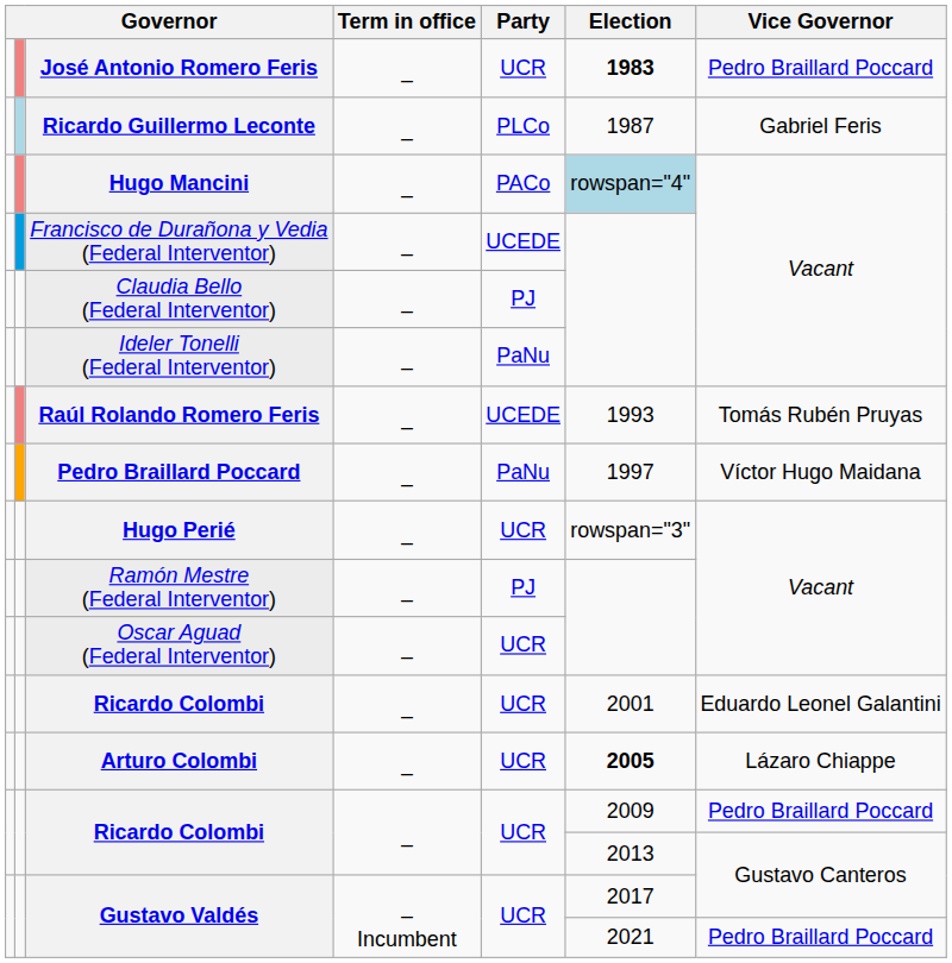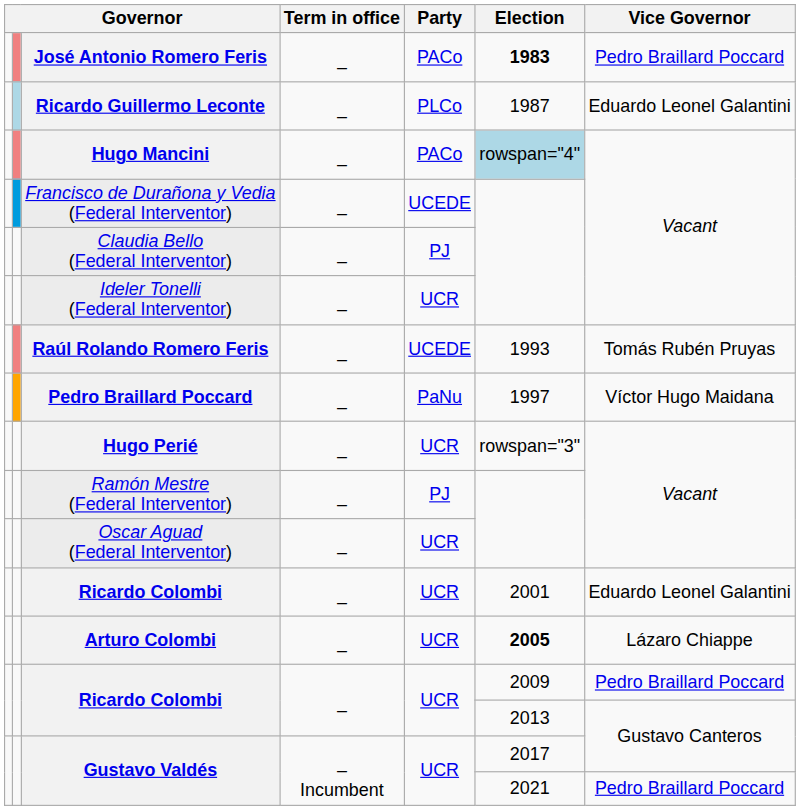 <table class="wikitable sortable" style="text-align: center;">
 <tr>
 <th scope="col" colspan="3">Governor</th>
 <th scope="col">Term in office</th>
 <th scope="col">Party</th>
 <th scope="col">Election</th>
 <th scope="col">Vice Governor</th>
 </tr>
 <tr style="height:2em;">
 <td data-sort-value="Romero Feris, José Antonio"></td>
 <td style="background:lightcoral;"></td>
 <th scope="row"><a href='#'>José Antonio Romero Feris</a></th>
 <td><br>–<br></td>
-<td><a href='#'>UCR</a></td>
+<td><a href='#'>PACo</a></td>
 <td><strong>1983</strong></td>
 <td data-sort-value="Braillard Poccard, Pedro"><a href='#'>Pedro Braillard Poccard</a></td>
 </tr>
 <tr style="height:2em;">
 <td data-sort-value="Romero Feris, José Antonio"></td>
 <td style="background:lightblue;"></td>
 <th scope="row"><a href='#'>Ricardo Guillermo Leconte</a></th>
 <td><br>–<br></td>
 <td><a href='#'>PLCo</a></td>
 <td>1987</td>
-<td data-sort-value="Feris, Gabriel">Gabriel Feris</td>
+<td data-sort-value="Galantini, Eduardo Leonel">Eduardo Leonel Galantini</td>
 </tr>
 <tr style="height:2em;">
 <td data-sort-value="Mancini, Hugo"></td>
 <td style="background:lightcoral;"></td>
 <th scope="row"><a href='#'>Hugo Mancini</a></th>
 <td><br>–<br></td>
 <td><a href='#'>PACo</a></td>
 <td style="background: lightblue;">rowspan="4" </td>
 <td rowspan="4"><em>Vacant</em></td>
 </tr>
 <tr style="height:2em;">
 <td data-sort-value="Durañona y Vedia, Francisco de"></td>
 <td style="background:#009CDE;"></td>
 <td style="background:#ececec;" scope="row"><em><a href='#'>Francisco de Durañona y Vedia</a></em><br>(<a href='#'>Federal Interventor</a>)</td>
 <td><br>–<br></td>
 <td><a href='#'>UCEDE</a></td>
 </tr>
 <tr style="height:2em;">
 <td data-sort-value="Bello, Claudia"></td>
 <td style="background:"></td>
 <td style="background:#ececec;" scope="row"><em><a href='#'>Claudia Bello</a></em><br>(<a href='#'>Federal Interventor</a>)</td>
 <td><br>–<br></td>
 <td><a href='#'>PJ</a></td>
 </tr>
 <tr style="height:2em;">
 <td data-sort-value="Tonelli, Ideler"></td>
 <td style="background:"></td>
 <td style="background:#ececec;" scope="row"><em><a href='#'>Ideler Tonelli</a></em><br>(<a href='#'>Federal Interventor</a>)</td>
 <td><br>–<br></td>
-<td><a href='#'>PaNu</a></td>
+<td><a href='#'>UCR</a></td>
 </tr>
 <tr style="height:2em;">
 <td data-sort-value="Romero Feris, Raúl Rolando"></td>
 <td style="background:lightcoral;"></td>
 <th scope="row"><a href='#'>Raúl Rolando Romero Feris</a></th>
 <td><br>–<br></td>
 <td><a href='#'>UCEDE</a></td>
 <td>1993</td>
 <td data-sort-value="Pruyas, Tomás Rubén">Tomás Rubén Pruyas</td>
 </tr>
 <tr style="height:2em;">
 <td data-sort-value="Braillard Poccard, Pedro"></td>
 <td style="background:orange;"></td>
 <th scope="row"><a href='#'>Pedro Braillard Poccard</a></th>
 <td><br>–<br></td>
 <td><a href='#'>PaNu</a></td>
 <td>1997</td>
 <td data-sort-value="Maidana, Víctor Hugo">Víctor Hugo Maidana</td>
 </tr>
 <tr style="height:2em;">
 <td data-sort-value="Perié, Hugo"></td>
 <td style="background:"></td>
 <th scope="row"><a href='#'>Hugo Perié</a></th>
 <td><br>–<br></td>
 <td><a href='#'>UCR</a></td>
 <td>rowspan="3" </td>
 <td rowspan="3"><em>Vacant</em></td>
 </tr>
 <tr style="height:2em;">
 <td data-sort-value="Mestre, Ramón"></td>
 <td style="background:"></td>
 <td style="background:#ececec;" scope="row"><em><a href='#'>Ramón Mestre</a></em><br>(<a href='#'>Federal Interventor</a>)</td>
 <td><br>–<br></td>
 <td><a href='#'>PJ</a></td>
 </tr>
 <tr style="height:2em;">
 <td data-sort-value="Aguad, Oscar"></td>
 <td style="background:"></td>
 <td style="background:#ececec;" scope="row"><em><a href='#'>Oscar Aguad</a></em><br>(<a href='#'>Federal Interventor</a>)</td>
 <td><br>–<br></td>
 <td><a href='#'>UCR</a></td>
 </tr>
 <tr style="height:2em;">
 <td data-sort-value="Colombi, Ricardo"></td>
 <td style="background:"></td>
 <th scope="row"><a href='#'>Ricardo Colombi</a></th>
 <td><br>–<br></td>
 <td><a href='#'>UCR</a></td>
 <td>2001</td>
 <td data-sort-value="Galantini, Eduardo Leonel">Eduardo Leonel Galantini</td>
 </tr>
 <tr style="height:2em;">
 <td data-sort-value="Colombi, Arturo"></td>
 <td style="background:"></td>
 <th scope="row"><a href='#'>Arturo Colombi</a></th>
 <td><br>–<br></td>
 <td><a href='#'>UCR</a></td>
 <td><strong>2005</strong></td>
 <td data-sort-value="Chiappe, Lázaro">Lázaro Chiappe</td>
 </tr>
 <tr style="height:2em;">
 <td rowspan="2" data-sort-value="Colombi, Ricardo"></td>
 <td rowspan="2" style="background:"></td>
 <th rowspan="2" scope="row"><a href='#'>Ricardo Colombi</a></th>
 <td rowspan="2"><br>–<br></td>
 <td rowspan="2"><a href='#'>UCR</a></td>
 <td>2009</td>
 <td data-sort-value="Braillard Poccard, Pedro"><a href='#'>Pedro Braillard Poccard</a></td>
 </tr>
 <tr style="height:2em;">
 <td>2013</td>
 <td rowspan="2" data-sort-value="Canteros, Gustavo">Gustavo Canteros</td>
 </tr>
 <tr style="height:2em;">
 <td rowspan="2" data-sort-value="Valdés, Gustavo"></td>
 <td rowspan="2" style="background:"></td>
 <th rowspan="2" scope="row"><a href='#'>Gustavo Valdés</a></th>
 <td rowspan="2"><br>–<br>Incumbent</td>
 <td rowspan="2"><a href='#'>UCR</a></td>
 <td>2017</td>
 </tr>
 <tr>
 <td>2021</td>
 <td data-sort-value="Braillard Poccard, Pedro"><a href='#'>Pedro Braillard Poccard</a></td>
 </tr>
 </table>
